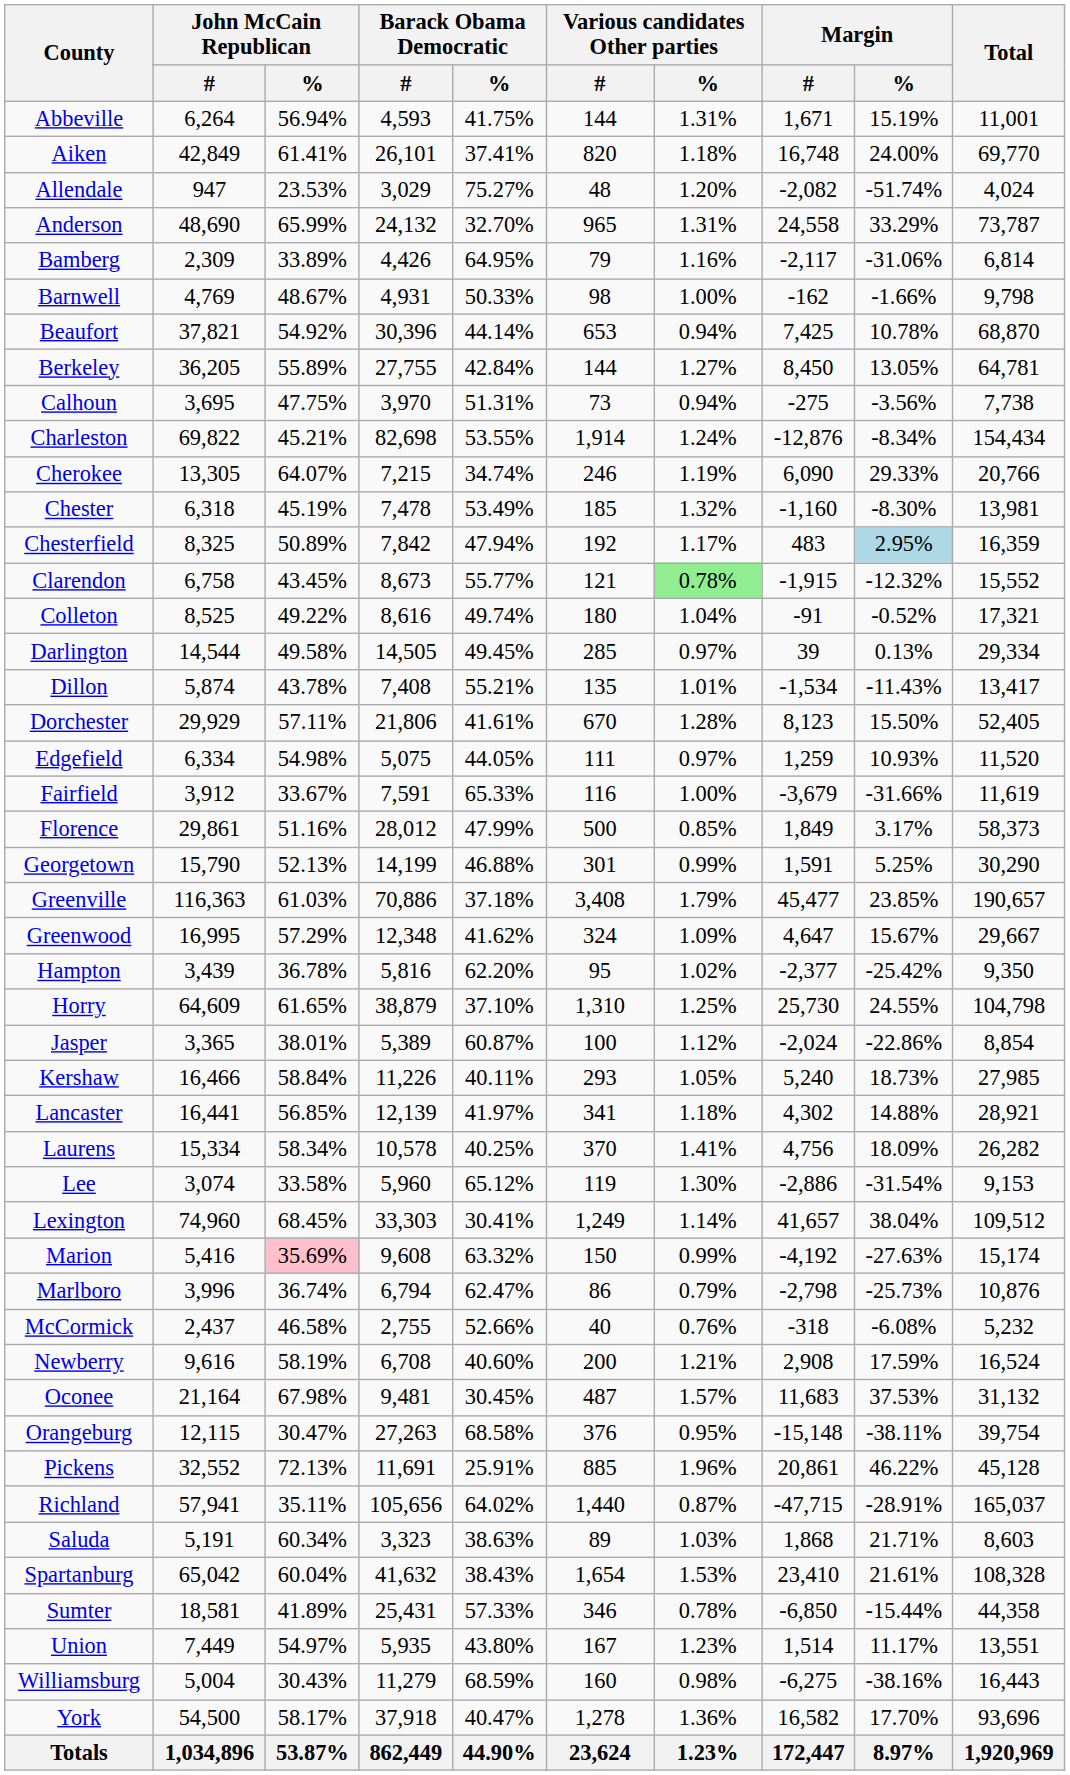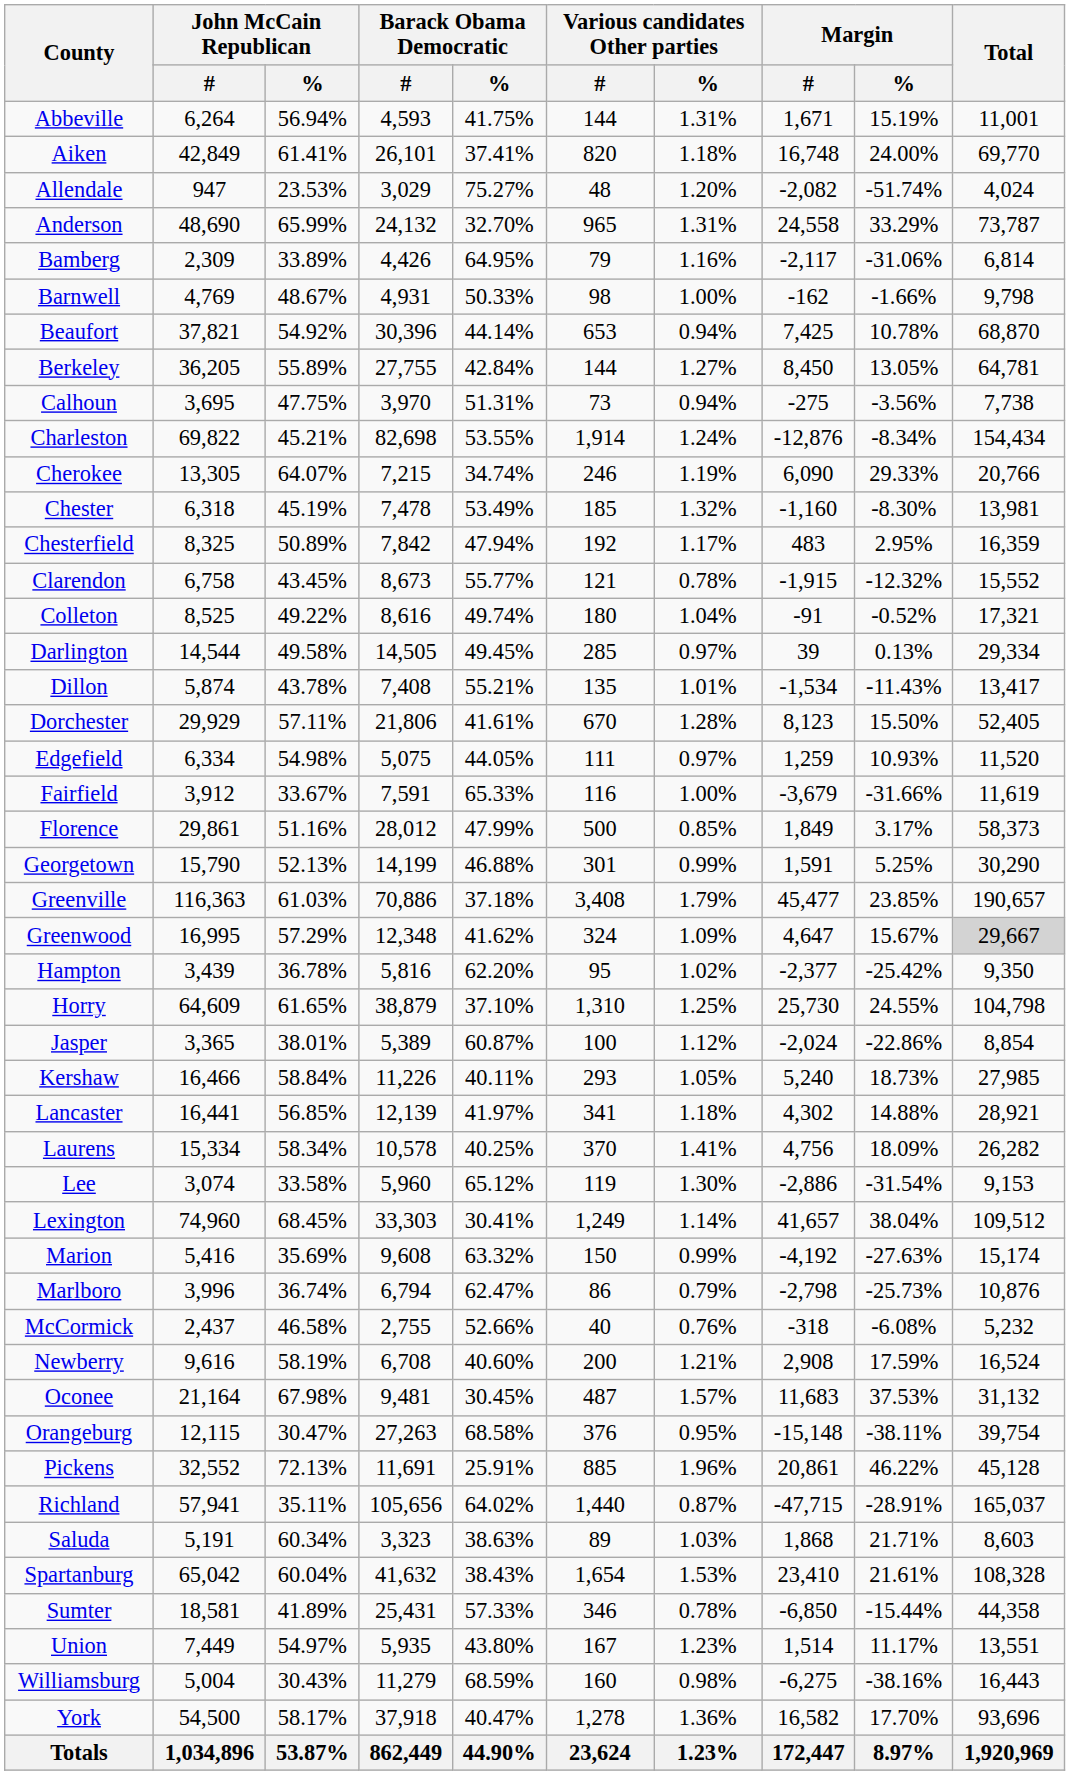 <table width="60%" class="wikitable sortable">
 <tr>
 <th rowspan="2">County</th>
 <th colspan="2">John McCain<br>Republican</th>
 <th colspan="2">Barack Obama<br>Democratic</th>
 <th colspan="2">Various candidates<br>Other parties</th>
 <th colspan="2">Margin</th>
 <th rowspan="2">Total</th>
 </tr>
 <tr>
 <th style="text-align:center;" data-sort-type="number">#</th>
 <th style="text-align:center;" data-sort-type="number">%</th>
 <th style="text-align:center;" data-sort-type="number">#</th>
 <th style="text-align:center;" data-sort-type="number">%</th>
 <th style="text-align:center;" data-sort-type="number">#</th>
 <th style="text-align:center;" data-sort-type="number">%</th>
 <th style="text-align:center;" data-sort-type="number">#</th>
 <th style="text-align:center;" data-sort-type="number">%</th>
 </tr>
 <tr style="text-align:center;">
 <td><a href='#'>Abbeville</a></td>
 <td>6,264</td>
 <td>56.94%</td>
 <td>4,593</td>
 <td>41.75%</td>
 <td>144</td>
 <td>1.31%</td>
 <td>1,671</td>
 <td>15.19%</td>
 <td>11,001</td>
 </tr>
 <tr style="text-align:center;">
 <td><a href='#'>Aiken</a></td>
 <td>42,849</td>
 <td>61.41%</td>
 <td>26,101</td>
 <td>37.41%</td>
 <td>820</td>
 <td>1.18%</td>
 <td>16,748</td>
 <td>24.00%</td>
 <td>69,770</td>
 </tr>
 <tr style="text-align:center;">
 <td><a href='#'>Allendale</a></td>
 <td>947</td>
 <td>23.53%</td>
 <td>3,029</td>
 <td>75.27%</td>
 <td>48</td>
 <td>1.20%</td>
 <td>-2,082</td>
 <td>-51.74%</td>
 <td>4,024</td>
 </tr>
 <tr style="text-align:center;">
 <td><a href='#'>Anderson</a></td>
 <td>48,690</td>
 <td>65.99%</td>
 <td>24,132</td>
 <td>32.70%</td>
 <td>965</td>
 <td>1.31%</td>
 <td>24,558</td>
 <td>33.29%</td>
 <td>73,787</td>
 </tr>
 <tr style="text-align:center;">
 <td><a href='#'>Bamberg</a></td>
 <td>2,309</td>
 <td>33.89%</td>
 <td>4,426</td>
 <td>64.95%</td>
 <td>79</td>
 <td>1.16%</td>
 <td>-2,117</td>
 <td>-31.06%</td>
 <td>6,814</td>
 </tr>
 <tr style="text-align:center;">
 <td><a href='#'>Barnwell</a></td>
 <td>4,769</td>
 <td>48.67%</td>
 <td>4,931</td>
 <td>50.33%</td>
 <td>98</td>
 <td>1.00%</td>
 <td>-162</td>
 <td>-1.66%</td>
 <td>9,798</td>
 </tr>
 <tr style="text-align:center;">
 <td><a href='#'>Beaufort</a></td>
 <td>37,821</td>
 <td>54.92%</td>
 <td>30,396</td>
 <td>44.14%</td>
 <td>653</td>
 <td>0.94%</td>
 <td>7,425</td>
 <td>10.78%</td>
 <td>68,870</td>
 </tr>
 <tr style="text-align:center;">
 <td><a href='#'>Berkeley</a></td>
 <td>36,205</td>
 <td>55.89%</td>
 <td>27,755</td>
 <td>42.84%</td>
 <td>144</td>
 <td>1.27%</td>
 <td>8,450</td>
 <td>13.05%</td>
 <td>64,781</td>
 </tr>
 <tr style="text-align:center;">
 <td><a href='#'>Calhoun</a></td>
 <td>3,695</td>
 <td>47.75%</td>
 <td>3,970</td>
 <td>51.31%</td>
 <td>73</td>
 <td>0.94%</td>
 <td>-275</td>
 <td>-3.56%</td>
 <td>7,738</td>
 </tr>
 <tr style="text-align:center;">
 <td><a href='#'>Charleston</a></td>
 <td>69,822</td>
 <td>45.21%</td>
 <td>82,698</td>
 <td>53.55%</td>
 <td>1,914</td>
 <td>1.24%</td>
 <td>-12,876</td>
 <td>-8.34%</td>
 <td>154,434</td>
 </tr>
 <tr style="text-align:center;">
 <td><a href='#'>Cherokee</a></td>
 <td>13,305</td>
 <td>64.07%</td>
 <td>7,215</td>
 <td>34.74%</td>
 <td>246</td>
 <td>1.19%</td>
 <td>6,090</td>
 <td>29.33%</td>
 <td>20,766</td>
 </tr>
 <tr style="text-align:center;">
 <td><a href='#'>Chester</a></td>
 <td>6,318</td>
 <td>45.19%</td>
 <td>7,478</td>
 <td>53.49%</td>
 <td>185</td>
 <td>1.32%</td>
 <td>-1,160</td>
 <td>-8.30%</td>
 <td>13,981</td>
 </tr>
 <tr style="text-align:center;">
 <td><a href='#'>Chesterfield</a></td>
 <td>8,325</td>
 <td>50.89%</td>
 <td>7,842</td>
 <td>47.94%</td>
 <td>192</td>
 <td>1.17%</td>
 <td>483</td>
-<td style="background: lightblue;">2.95%</td>
+<td>2.95%</td>
 <td>16,359</td>
 </tr>
 <tr style="text-align:center;">
 <td><a href='#'>Clarendon</a></td>
 <td>6,758</td>
 <td>43.45%</td>
 <td>8,673</td>
 <td>55.77%</td>
 <td>121</td>
-<td style="background: lightgreen;">0.78%</td>
+<td>0.78%</td>
 <td>-1,915</td>
 <td>-12.32%</td>
 <td>15,552</td>
 </tr>
 <tr style="text-align:center;">
 <td><a href='#'>Colleton</a></td>
 <td>8,525</td>
 <td>49.22%</td>
 <td>8,616</td>
 <td>49.74%</td>
 <td>180</td>
 <td>1.04%</td>
 <td>-91</td>
 <td>-0.52%</td>
 <td>17,321</td>
 </tr>
 <tr style="text-align:center;">
 <td><a href='#'>Darlington</a></td>
 <td>14,544</td>
 <td>49.58%</td>
 <td>14,505</td>
 <td>49.45%</td>
 <td>285</td>
 <td>0.97%</td>
 <td>39</td>
 <td>0.13%</td>
 <td>29,334</td>
 </tr>
 <tr style="text-align:center;">
 <td><a href='#'>Dillon</a></td>
 <td>5,874</td>
 <td>43.78%</td>
 <td>7,408</td>
 <td>55.21%</td>
 <td>135</td>
 <td>1.01%</td>
 <td>-1,534</td>
 <td>-11.43%</td>
 <td>13,417</td>
 </tr>
 <tr style="text-align:center;">
 <td><a href='#'>Dorchester</a></td>
 <td>29,929</td>
 <td>57.11%</td>
 <td>21,806</td>
 <td>41.61%</td>
 <td>670</td>
 <td>1.28%</td>
 <td>8,123</td>
 <td>15.50%</td>
 <td>52,405</td>
 </tr>
 <tr style="text-align:center;">
 <td><a href='#'>Edgefield</a></td>
 <td>6,334</td>
 <td>54.98%</td>
 <td>5,075</td>
 <td>44.05%</td>
 <td>111</td>
 <td>0.97%</td>
 <td>1,259</td>
 <td>10.93%</td>
 <td>11,520</td>
 </tr>
 <tr style="text-align:center;">
 <td><a href='#'>Fairfield</a></td>
 <td>3,912</td>
 <td>33.67%</td>
 <td>7,591</td>
 <td>65.33%</td>
 <td>116</td>
 <td>1.00%</td>
 <td>-3,679</td>
 <td>-31.66%</td>
 <td>11,619</td>
 </tr>
 <tr style="text-align:center;">
 <td><a href='#'>Florence</a></td>
 <td>29,861</td>
 <td>51.16%</td>
 <td>28,012</td>
 <td>47.99%</td>
 <td>500</td>
 <td>0.85%</td>
 <td>1,849</td>
 <td>3.17%</td>
 <td>58,373</td>
 </tr>
 <tr style="text-align:center;">
 <td><a href='#'>Georgetown</a></td>
 <td>15,790</td>
 <td>52.13%</td>
 <td>14,199</td>
 <td>46.88%</td>
 <td>301</td>
 <td>0.99%</td>
 <td>1,591</td>
 <td>5.25%</td>
 <td>30,290</td>
 </tr>
 <tr style="text-align:center;">
 <td><a href='#'>Greenville</a></td>
 <td>116,363</td>
 <td>61.03%</td>
 <td>70,886</td>
 <td>37.18%</td>
 <td>3,408</td>
 <td>1.79%</td>
 <td>45,477</td>
 <td>23.85%</td>
 <td>190,657</td>
 </tr>
 <tr style="text-align:center;">
 <td><a href='#'>Greenwood</a></td>
 <td>16,995</td>
 <td>57.29%</td>
 <td>12,348</td>
 <td>41.62%</td>
 <td>324</td>
 <td>1.09%</td>
 <td>4,647</td>
 <td>15.67%</td>
-<td>29,667</td>
+<td style="background: lightgrey;">29,667</td>
 </tr>
 <tr style="text-align:center;">
 <td><a href='#'>Hampton</a></td>
 <td>3,439</td>
 <td>36.78%</td>
 <td>5,816</td>
 <td>62.20%</td>
 <td>95</td>
 <td>1.02%</td>
 <td>-2,377</td>
 <td>-25.42%</td>
 <td>9,350</td>
 </tr>
 <tr style="text-align:center;">
 <td><a href='#'>Horry</a></td>
 <td>64,609</td>
 <td>61.65%</td>
 <td>38,879</td>
 <td>37.10%</td>
 <td>1,310</td>
 <td>1.25%</td>
 <td>25,730</td>
 <td>24.55%</td>
 <td>104,798</td>
 </tr>
 <tr style="text-align:center;">
 <td><a href='#'>Jasper</a></td>
 <td>3,365</td>
 <td>38.01%</td>
 <td>5,389</td>
 <td>60.87%</td>
 <td>100</td>
 <td>1.12%</td>
 <td>-2,024</td>
 <td>-22.86%</td>
 <td>8,854</td>
 </tr>
 <tr style="text-align:center;">
 <td><a href='#'>Kershaw</a></td>
 <td>16,466</td>
 <td>58.84%</td>
 <td>11,226</td>
 <td>40.11%</td>
 <td>293</td>
 <td>1.05%</td>
 <td>5,240</td>
 <td>18.73%</td>
 <td>27,985</td>
 </tr>
 <tr style="text-align:center;">
 <td><a href='#'>Lancaster</a></td>
 <td>16,441</td>
 <td>56.85%</td>
 <td>12,139</td>
 <td>41.97%</td>
 <td>341</td>
 <td>1.18%</td>
 <td>4,302</td>
 <td>14.88%</td>
 <td>28,921</td>
 </tr>
 <tr style="text-align:center;">
 <td><a href='#'>Laurens</a></td>
 <td>15,334</td>
 <td>58.34%</td>
 <td>10,578</td>
 <td>40.25%</td>
 <td>370</td>
 <td>1.41%</td>
 <td>4,756</td>
 <td>18.09%</td>
 <td>26,282</td>
 </tr>
 <tr style="text-align:center;">
 <td><a href='#'>Lee</a></td>
 <td>3,074</td>
 <td>33.58%</td>
 <td>5,960</td>
 <td>65.12%</td>
 <td>119</td>
 <td>1.30%</td>
 <td>-2,886</td>
 <td>-31.54%</td>
 <td>9,153</td>
 </tr>
 <tr style="text-align:center;">
 <td><a href='#'>Lexington</a></td>
 <td>74,960</td>
 <td>68.45%</td>
 <td>33,303</td>
 <td>30.41%</td>
 <td>1,249</td>
 <td>1.14%</td>
 <td>41,657</td>
 <td>38.04%</td>
 <td>109,512</td>
 </tr>
 <tr style="text-align:center;">
 <td><a href='#'>Marion</a></td>
 <td>5,416</td>
-<td style="background: pink;">35.69%</td>
+<td>35.69%</td>
 <td>9,608</td>
 <td>63.32%</td>
 <td>150</td>
 <td>0.99%</td>
 <td>-4,192</td>
 <td>-27.63%</td>
 <td>15,174</td>
 </tr>
 <tr style="text-align:center;">
 <td><a href='#'>Marlboro</a></td>
 <td>3,996</td>
 <td>36.74%</td>
 <td>6,794</td>
 <td>62.47%</td>
 <td>86</td>
 <td>0.79%</td>
 <td>-2,798</td>
 <td>-25.73%</td>
 <td>10,876</td>
 </tr>
 <tr style="text-align:center;">
 <td><a href='#'>McCormick</a></td>
 <td>2,437</td>
 <td>46.58%</td>
 <td>2,755</td>
 <td>52.66%</td>
 <td>40</td>
 <td>0.76%</td>
 <td>-318</td>
 <td>-6.08%</td>
 <td>5,232</td>
 </tr>
 <tr style="text-align:center;">
 <td><a href='#'>Newberry</a></td>
 <td>9,616</td>
 <td>58.19%</td>
 <td>6,708</td>
 <td>40.60%</td>
 <td>200</td>
 <td>1.21%</td>
 <td>2,908</td>
 <td>17.59%</td>
 <td>16,524</td>
 </tr>
 <tr style="text-align:center;">
 <td><a href='#'>Oconee</a></td>
 <td>21,164</td>
 <td>67.98%</td>
 <td>9,481</td>
 <td>30.45%</td>
 <td>487</td>
 <td>1.57%</td>
 <td>11,683</td>
 <td>37.53%</td>
 <td>31,132</td>
 </tr>
 <tr style="text-align:center;">
 <td><a href='#'>Orangeburg</a></td>
 <td>12,115</td>
 <td>30.47%</td>
 <td>27,263</td>
 <td>68.58%</td>
 <td>376</td>
 <td>0.95%</td>
 <td>-15,148</td>
 <td>-38.11%</td>
 <td>39,754</td>
 </tr>
 <tr style="text-align:center;">
 <td><a href='#'>Pickens</a></td>
 <td>32,552</td>
 <td>72.13%</td>
 <td>11,691</td>
 <td>25.91%</td>
 <td>885</td>
 <td>1.96%</td>
 <td>20,861</td>
 <td>46.22%</td>
 <td>45,128</td>
 </tr>
 <tr style="text-align:center;">
 <td><a href='#'>Richland</a></td>
 <td>57,941</td>
 <td>35.11%</td>
 <td>105,656</td>
 <td>64.02%</td>
 <td>1,440</td>
 <td>0.87%</td>
 <td>-47,715</td>
 <td>-28.91%</td>
 <td>165,037</td>
 </tr>
 <tr style="text-align:center;">
 <td><a href='#'>Saluda</a></td>
 <td>5,191</td>
 <td>60.34%</td>
 <td>3,323</td>
 <td>38.63%</td>
 <td>89</td>
 <td>1.03%</td>
 <td>1,868</td>
 <td>21.71%</td>
 <td>8,603</td>
 </tr>
 <tr style="text-align:center;">
 <td><a href='#'>Spartanburg</a></td>
 <td>65,042</td>
 <td>60.04%</td>
 <td>41,632</td>
 <td>38.43%</td>
 <td>1,654</td>
 <td>1.53%</td>
 <td>23,410</td>
 <td>21.61%</td>
 <td>108,328</td>
 </tr>
 <tr style="text-align:center;">
 <td><a href='#'>Sumter</a></td>
 <td>18,581</td>
 <td>41.89%</td>
 <td>25,431</td>
 <td>57.33%</td>
 <td>346</td>
 <td>0.78%</td>
 <td>-6,850</td>
 <td>-15.44%</td>
 <td>44,358</td>
 </tr>
 <tr style="text-align:center;">
 <td><a href='#'>Union</a></td>
 <td>7,449</td>
 <td>54.97%</td>
 <td>5,935</td>
 <td>43.80%</td>
 <td>167</td>
 <td>1.23%</td>
 <td>1,514</td>
 <td>11.17%</td>
 <td>13,551</td>
 </tr>
 <tr style="text-align:center;">
 <td><a href='#'>Williamsburg</a></td>
 <td>5,004</td>
 <td>30.43%</td>
 <td>11,279</td>
 <td>68.59%</td>
 <td>160</td>
 <td>0.98%</td>
 <td>-6,275</td>
 <td>-38.16%</td>
 <td>16,443</td>
 </tr>
 <tr style="text-align:center;">
 <td><a href='#'>York</a></td>
 <td>54,500</td>
 <td>58.17%</td>
 <td>37,918</td>
 <td>40.47%</td>
 <td>1,278</td>
 <td>1.36%</td>
 <td>16,582</td>
 <td>17.70%</td>
 <td>93,696</td>
 </tr>
 <tr>
 <th>Totals</th>
 <th>1,034,896</th>
 <th>53.87%</th>
 <th>862,449</th>
 <th>44.90%</th>
 <th>23,624</th>
 <th>1.23%</th>
 <th>172,447</th>
 <th>8.97%</th>
 <th>1,920,969</th>
 </tr>
 </table>
